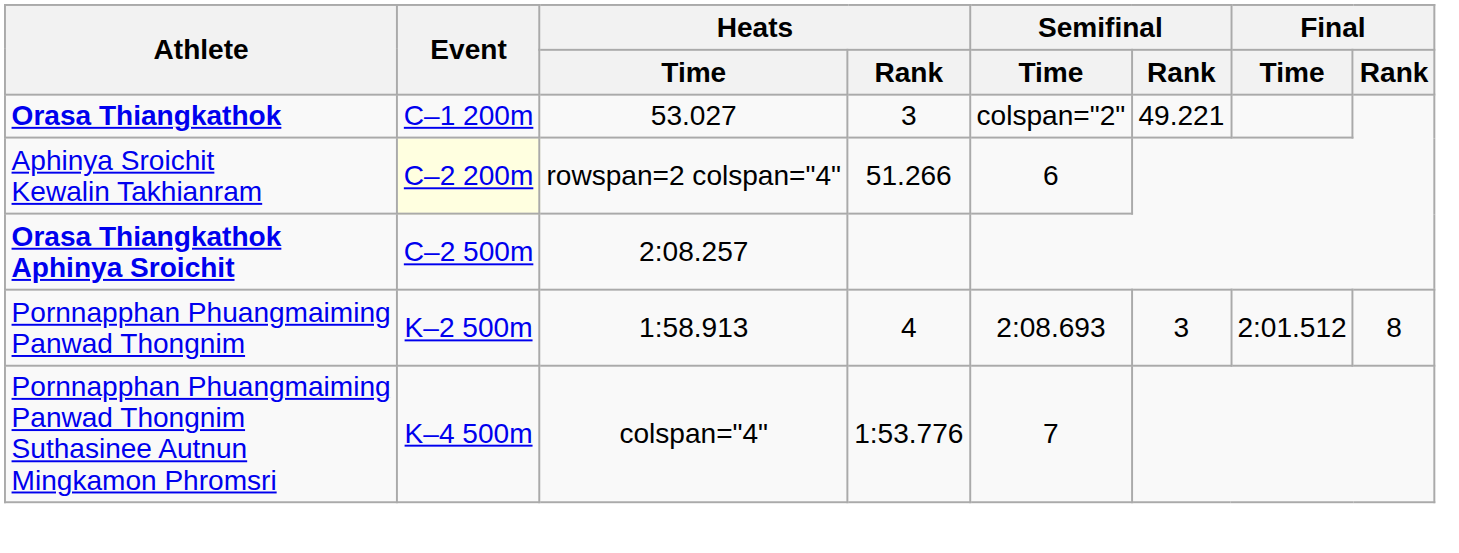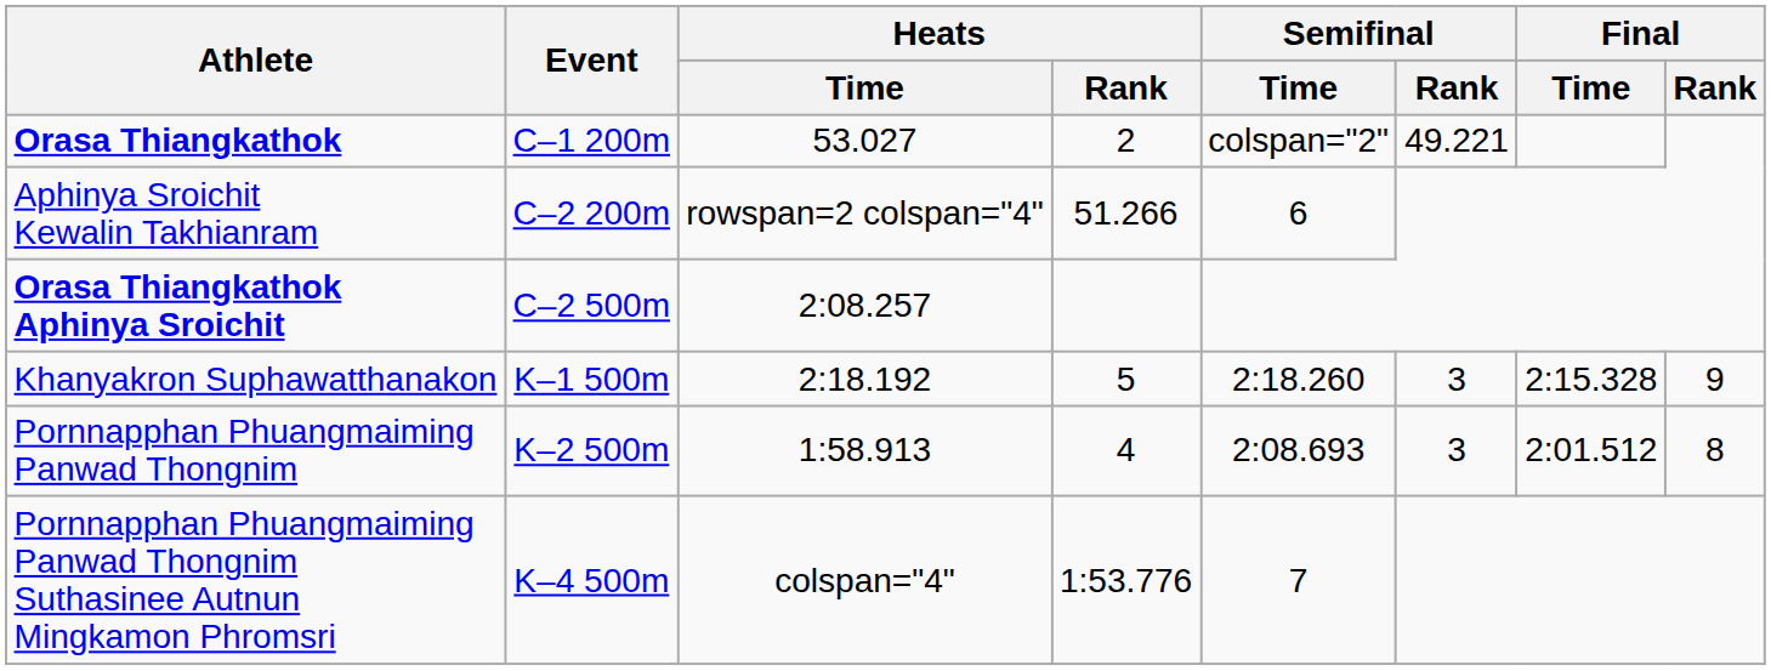 <table class=wikitable style="text-align:center; font-size:90%">
 <tr>
 <th rowspan="2">Athlete</th>
 <th rowspan="2">Event</th>
 <th colspan="2">Heats</th>
 <th colspan="2">Semifinal</th>
 <th colspan="2">Final</th>
 </tr>
 <tr>
 <th>Time</th>
 <th>Rank</th>
 <th>Time</th>
 <th>Rank</th>
 <th>Time</th>
 <th>Rank</th>
 </tr>
 <tr>
 <td style="text-align:left"><strong><a href='#'>Orasa Thiangkathok</a></strong></td>
 <td><a href='#'>C–1 200m</a></td>
 <td>53.027</td>
-<td>3 <strong></strong></td>
+<td>2 <strong></strong></td>
 <td>colspan="2" </td>
 <td>49.221</td>
 <td></td>
 </tr>
 <tr>
 <td style="text-align:left"><a href='#'>Aphinya Sroichit</a><br><a href='#'>Kewalin Takhianram</a></td>
-<td style="background: lightyellow;"><a href='#'>C–2 200m</a></td>
+<td><a href='#'>C–2 200m</a></td>
 <td>rowspan=2 colspan="4" </td>
 <td>51.266</td>
 <td>6</td>
 </tr>
 <tr>
 <td style="text-align:left"><strong><a href='#'>Orasa Thiangkathok</a><br><a href='#'>Aphinya Sroichit</a></strong></td>
 <td><a href='#'>C–2 500m</a></td>
 <td>2:08.257</td>
 <td></td>
+</tr>
+<tr>
+<td style="text-align:left"><a href='#'>Khanyakron Suphawatthanakon</a></td>
+<td><a href='#'>K–1 500m</a></td>
+<td>2:18.192</td>
+<td>5 <strong></strong></td>
+<td>2:18.260</td>
+<td>3 <strong></strong></td>
+<td>2:15.328</td>
+<td>9</td>
 </tr>
 <tr>
 <td style="text-align:left"><a href='#'>Pornnapphan Phuangmaiming</a><br><a href='#'>Panwad Thongnim</a></td>
 <td><a href='#'>K–2 500m</a></td>
 <td>1:58.913</td>
 <td>4 <strong></strong></td>
 <td>2:08.693</td>
 <td>3 <strong></strong></td>
 <td>2:01.512</td>
 <td>8</td>
 </tr>
 <tr>
 <td style="text-align:left"><a href='#'>Pornnapphan Phuangmaiming</a><br><a href='#'>Panwad Thongnim</a><br><a href='#'>Suthasinee Autnun</a><br><a href='#'>Mingkamon Phromsri</a></td>
 <td><a href='#'>K–4 500m</a></td>
 <td>colspan="4" </td>
 <td>1:53.776</td>
 <td>7</td>
 </tr>
 </table>
